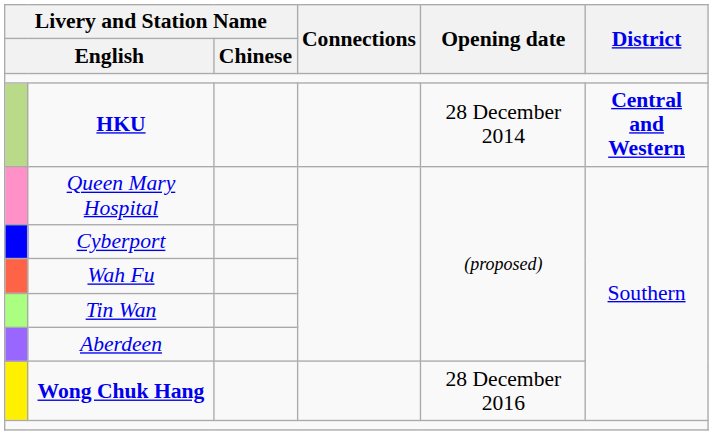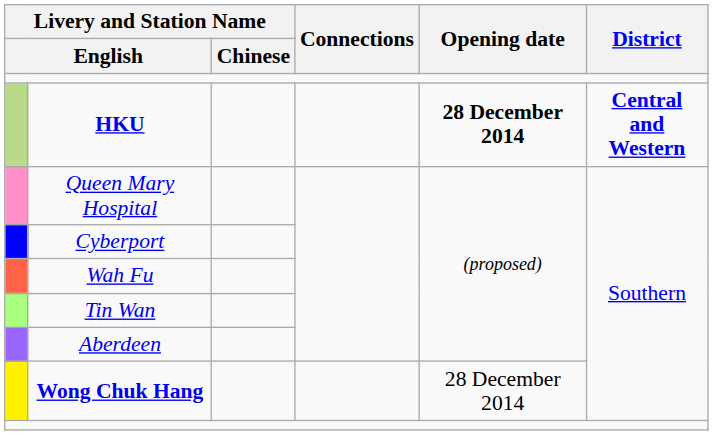 <table class="wikitable" style="width: 59%; text-align: center;">
 <tr>
 <th colspan="3">Livery and Station Name</th>
 <th rowspan="2">Connections</th>
 <th rowspan="2">Opening date</th>
 <th rowspan="2"><a href='#'>District</a></th>
 </tr>
 <tr>
 <th colspan="2">English</th>
 <th>Chinese</th>
 </tr>
 <tr>
 <td colspan="6"></td>
 </tr>
 <tr>
 <td width="10" bgcolor="#B8DA89"></td>
 <td><strong><a href='#'>HKU</a></strong></td>
 <td></td>
 <td></td>
-<td>28 December 2014</td>
+<td><strong>28 December 2014</strong></td>
 <td><strong><a href='#'>Central<br>and Western</a></strong></td>
 </tr>
 <tr>
 <td style="background-color: #ff90c8;"></td>
 <td><em><a href='#'>Queen Mary Hospital</a></em></td>
 <td></td>
 <td rowspan="5"></td>
 <td rowspan="5"><em><small>(proposed)</small></em></td>
 <td rowspan="6"><a href='#'>Southern</a></td>
 </tr>
 <tr>
 <td style="background-color: #0000FF;"></td>
 <td><em><a href='#'>Cyberport</a></em></td>
 <td></td>
 </tr>
 <tr>
 <td style="background-color: #ff6347;"></td>
 <td><em><a href='#'>Wah Fu</a></em></td>
 <td></td>
 </tr>
 <tr>
 <td style="background-color: #AAFF80;"></td>
 <td><em><a href='#'>Tin Wan</a></em></td>
 <td></td>
 </tr>
 <tr>
 <td style="background-color: #9966FF;"></td>
 <td><em><a href='#'>Aberdeen</a></em></td>
 <td></td>
 </tr>
 <tr>
 <td style="background-color: #FFF000;"></td>
 <td><strong><a href='#'>Wong Chuk Hang</a></strong></td>
 <td></td>
 <td></td>
-<td>28 December 2016</td>
+<td>28 December 2014</td>
 </tr>
 <tr>
 <td colspan="6"></td>
 </tr>
 </table>
